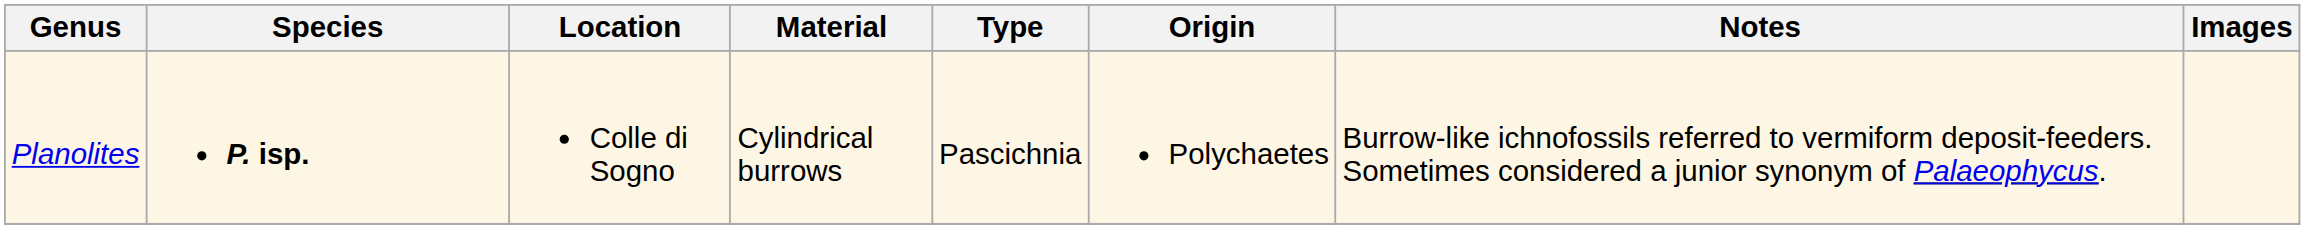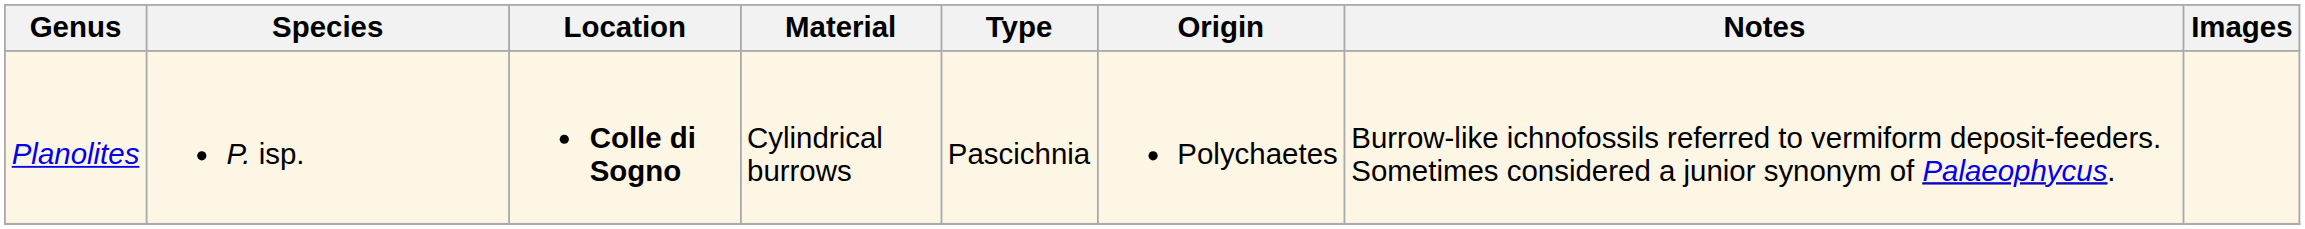 <table class = "wikitable">
 <tr>
 <th>Genus</th>
 <th width="190px">Species</th>
 <th>Location</th>
 <th>Material</th>
 <th>Type</th>
 <th>Origin</th>
 <th>Notes</th>
 <th>Images</th>
 </tr>
 <tr>
 <td style="background:#FEF6E4;"><br><em><a href='#'>Planolites</a></em></td>
-<td style="background:#FEF6E4;"><strong><br><ul><li><em>P.</em> isp.</li></ul></strong></td>
-<td style="background:#FEF6E4;"><br><ul><li>Colle di Sogno</li></ul></td>
+<td style="background:#FEF6E4;"><br><ul><li><em>P.</em> isp.</li></ul></td>
+<td style="background:#FEF6E4;"><strong><br><ul><li>Colle di Sogno</li></ul></strong></td>
 <td style="background:#FEF6E4;"><br>Cylindrical burrows</td>
 <td style="background:#FEF6E4;"><br>Pascichnia</td>
 <td style="background:#FEF6E4;"><br><ul><li>Polychaetes</li></ul></td>
 <td style="background:#FEF6E4;"><br>Burrow-like ichnofossils referred to vermiform deposit-feeders. Sometimes considered a junior synonym of <em><u><a href='#'>Palaeophycus</a></u></em>.</td>
 <td style="background:#FEF6E4;"><br></td>
 </tr>
 <tr>
 </tr>
 </table>
